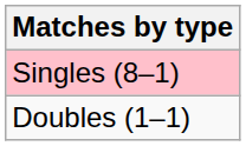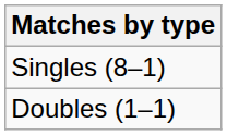 <table class=wikitable>
 <tr>
 <th>Matches by type</th>
 </tr>
 <tr>
-<td style="background: pink;">Singles (8–1)</td>
+<td>Singles (8–1)</td>
 </tr>
 <tr>
 <td>Doubles (1–1)</td>
 </tr>
 </table>
